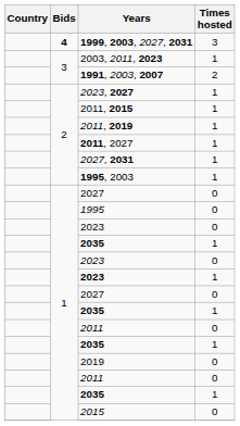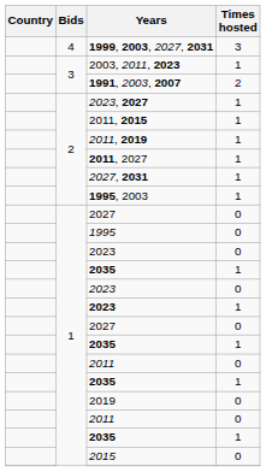 <table class="wikitable sortable">
 <tr>
 <th>Country</th>
 <th>Bids</th>
 <th>Years</th>
 <th>Times <br> hosted</th>
 </tr>
 <tr>
 <td></td>
-<td style="text-align:center;" rowspan="1"><strong>4</strong></td>
+<td style="text-align:center;" rowspan="1">4</td>
 <td><strong>1999</strong>, <strong>2003</strong>, <em>2027</em>, <strong>2031</strong></td>
 <td style="text-align:center">3</td>
 </tr>
 <tr>
 <td></td>
 <td style="text-align:center;" rowspan="2">3</td>
 <td>2003, <em>2011</em>, <strong>2023</strong></td>
 <td style="text-align:center">1</td>
 </tr>
 <tr>
 <td></td>
 <td><strong>1991</strong>, <em>2003</em>, <strong>2007</strong></td>
 <td style="text-align:center">2</td>
 </tr>
 <tr>
 <td></td>
 <td style="text-align:center;" rowspan="6">2</td>
 <td><em>2023</em>, <strong>2027</strong></td>
 <td style="text-align:center">1</td>
 </tr>
 <tr>
 <td></td>
 <td>2011, <strong>2015</strong></td>
 <td style="text-align:center">1</td>
 </tr>
 <tr>
 <td></td>
 <td><em>2011</em>, <strong>2019</strong></td>
 <td style="text-align:center">1</td>
 </tr>
 <tr>
 <td></td>
 <td><strong>2011</strong>, 2027</td>
 <td style="text-align:center">1</td>
 </tr>
 <tr>
 <td></td>
 <td><em>2027</em>, <strong>2031</strong></td>
 <td style="text-align:center">1</td>
 </tr>
 <tr>
 <td></td>
 <td><strong>1995</strong>, 2003</td>
 <td style="text-align:center">1</td>
 </tr>
 <tr>
 <td></td>
 <td rowspan="15" style="text-align:center;">1</td>
 <td>2027</td>
 <td style="text-align:center">0</td>
 </tr>
 <tr>
 <td></td>
 <td><em>1995</em></td>
 <td style="text-align:center">0</td>
 </tr>
 <tr>
 <td></td>
 <td>2023</td>
 <td style="text-align:center">0</td>
 </tr>
 <tr>
 <td></td>
 <td><strong>2035</strong></td>
 <td style="text-align:center">1</td>
 </tr>
 <tr>
 <td></td>
 <td><em>2023</em></td>
 <td style="text-align:center">0</td>
 </tr>
 <tr>
 <td></td>
 <td><strong>2023</strong></td>
 <td style="text-align:center">1</td>
 </tr>
 <tr>
 <td></td>
 <td>2027</td>
 <td style="text-align:center">0</td>
 </tr>
 <tr>
 <td></td>
 <td><strong>2035</strong></td>
 <td style="text-align:center">1</td>
 </tr>
 <tr>
 <td></td>
 <td><em>2011</em></td>
 <td style="text-align:center">0</td>
 </tr>
 <tr>
 <td></td>
 <td><strong>2035</strong></td>
 <td style="text-align:center">1</td>
 </tr>
 <tr>
 <td></td>
 <td>2019</td>
 <td style="text-align:center">0</td>
 </tr>
 <tr>
 <td></td>
 <td><em>2011</em></td>
 <td style="text-align:center">0</td>
 </tr>
 <tr>
 <td></td>
 <td><strong>2035</strong></td>
 <td style="text-align:center">1</td>
 </tr>
 <tr>
 <td></td>
 <td><em>2015</em></td>
 <td style="text-align:center">0</td>
 </tr>
 <tr>
 </tr>
 </table>
